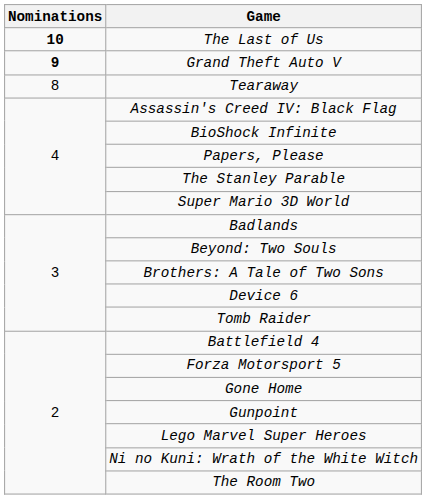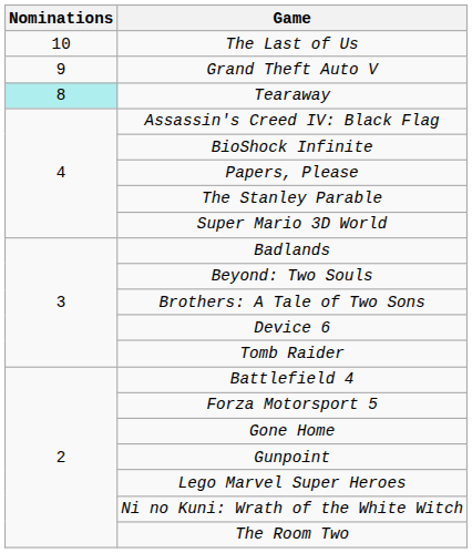 <table class="wikitable" style="text-align:center;">
 <tr>
 <th scope="col" width="55">Nominations</th>
 <th scope="col" align="center">Game</th>
 </tr>
 <tr>
-<td style="text-align:center"><strong>10</strong></td>
+<td style="text-align:center">10</td>
 <td><em>The Last of Us</em></td>
 </tr>
 <tr>
-<td style="text-align:center"><strong>9</strong></td>
+<td style="text-align:center">9</td>
 <td><em>Grand Theft Auto V</em></td>
 </tr>
 <tr>
-<td style="text-align:center">8</td>
+<td style="background: paleturquoise; text-align:center">8</td>
 <td><em>Tearaway</em></td>
 </tr>
 <tr>
 <td rowspan=5 style="text-align:center">4</td>
 <td><em>Assassin's Creed IV: Black Flag</em></td>
 </tr>
 <tr>
 <td><em>BioShock Infinite</em></td>
 </tr>
 <tr>
 <td><em>Papers, Please</em></td>
 </tr>
 <tr>
 <td><em>The Stanley Parable</em></td>
 </tr>
 <tr>
 <td><em>Super Mario 3D World</em></td>
 </tr>
 <tr>
 <td rowspan=5 style="text-align:center">3</td>
 <td><em>Badlands</em></td>
 </tr>
 <tr>
 <td><em>Beyond: Two Souls</em></td>
 </tr>
 <tr>
 <td><em>Brothers: A Tale of Two Sons</em></td>
 </tr>
 <tr>
 <td><em>Device 6</em></td>
 </tr>
 <tr>
 <td><em>Tomb Raider</em></td>
 </tr>
 <tr>
 <td rowspan=7 style="text-align:center">2</td>
 <td><em>Battlefield 4</em></td>
 </tr>
 <tr>
 <td><em>Forza Motorsport 5</em></td>
 </tr>
 <tr>
 <td><em>Gone Home</em></td>
 </tr>
 <tr>
 <td><em>Gunpoint</em></td>
 </tr>
 <tr>
 <td><em>Lego Marvel Super Heroes</em></td>
 </tr>
 <tr>
 <td><em>Ni no Kuni: Wrath of the White Witch</em></td>
 </tr>
 <tr>
 <td><em>The Room Two</em></td>
 </tr>
 </table>
